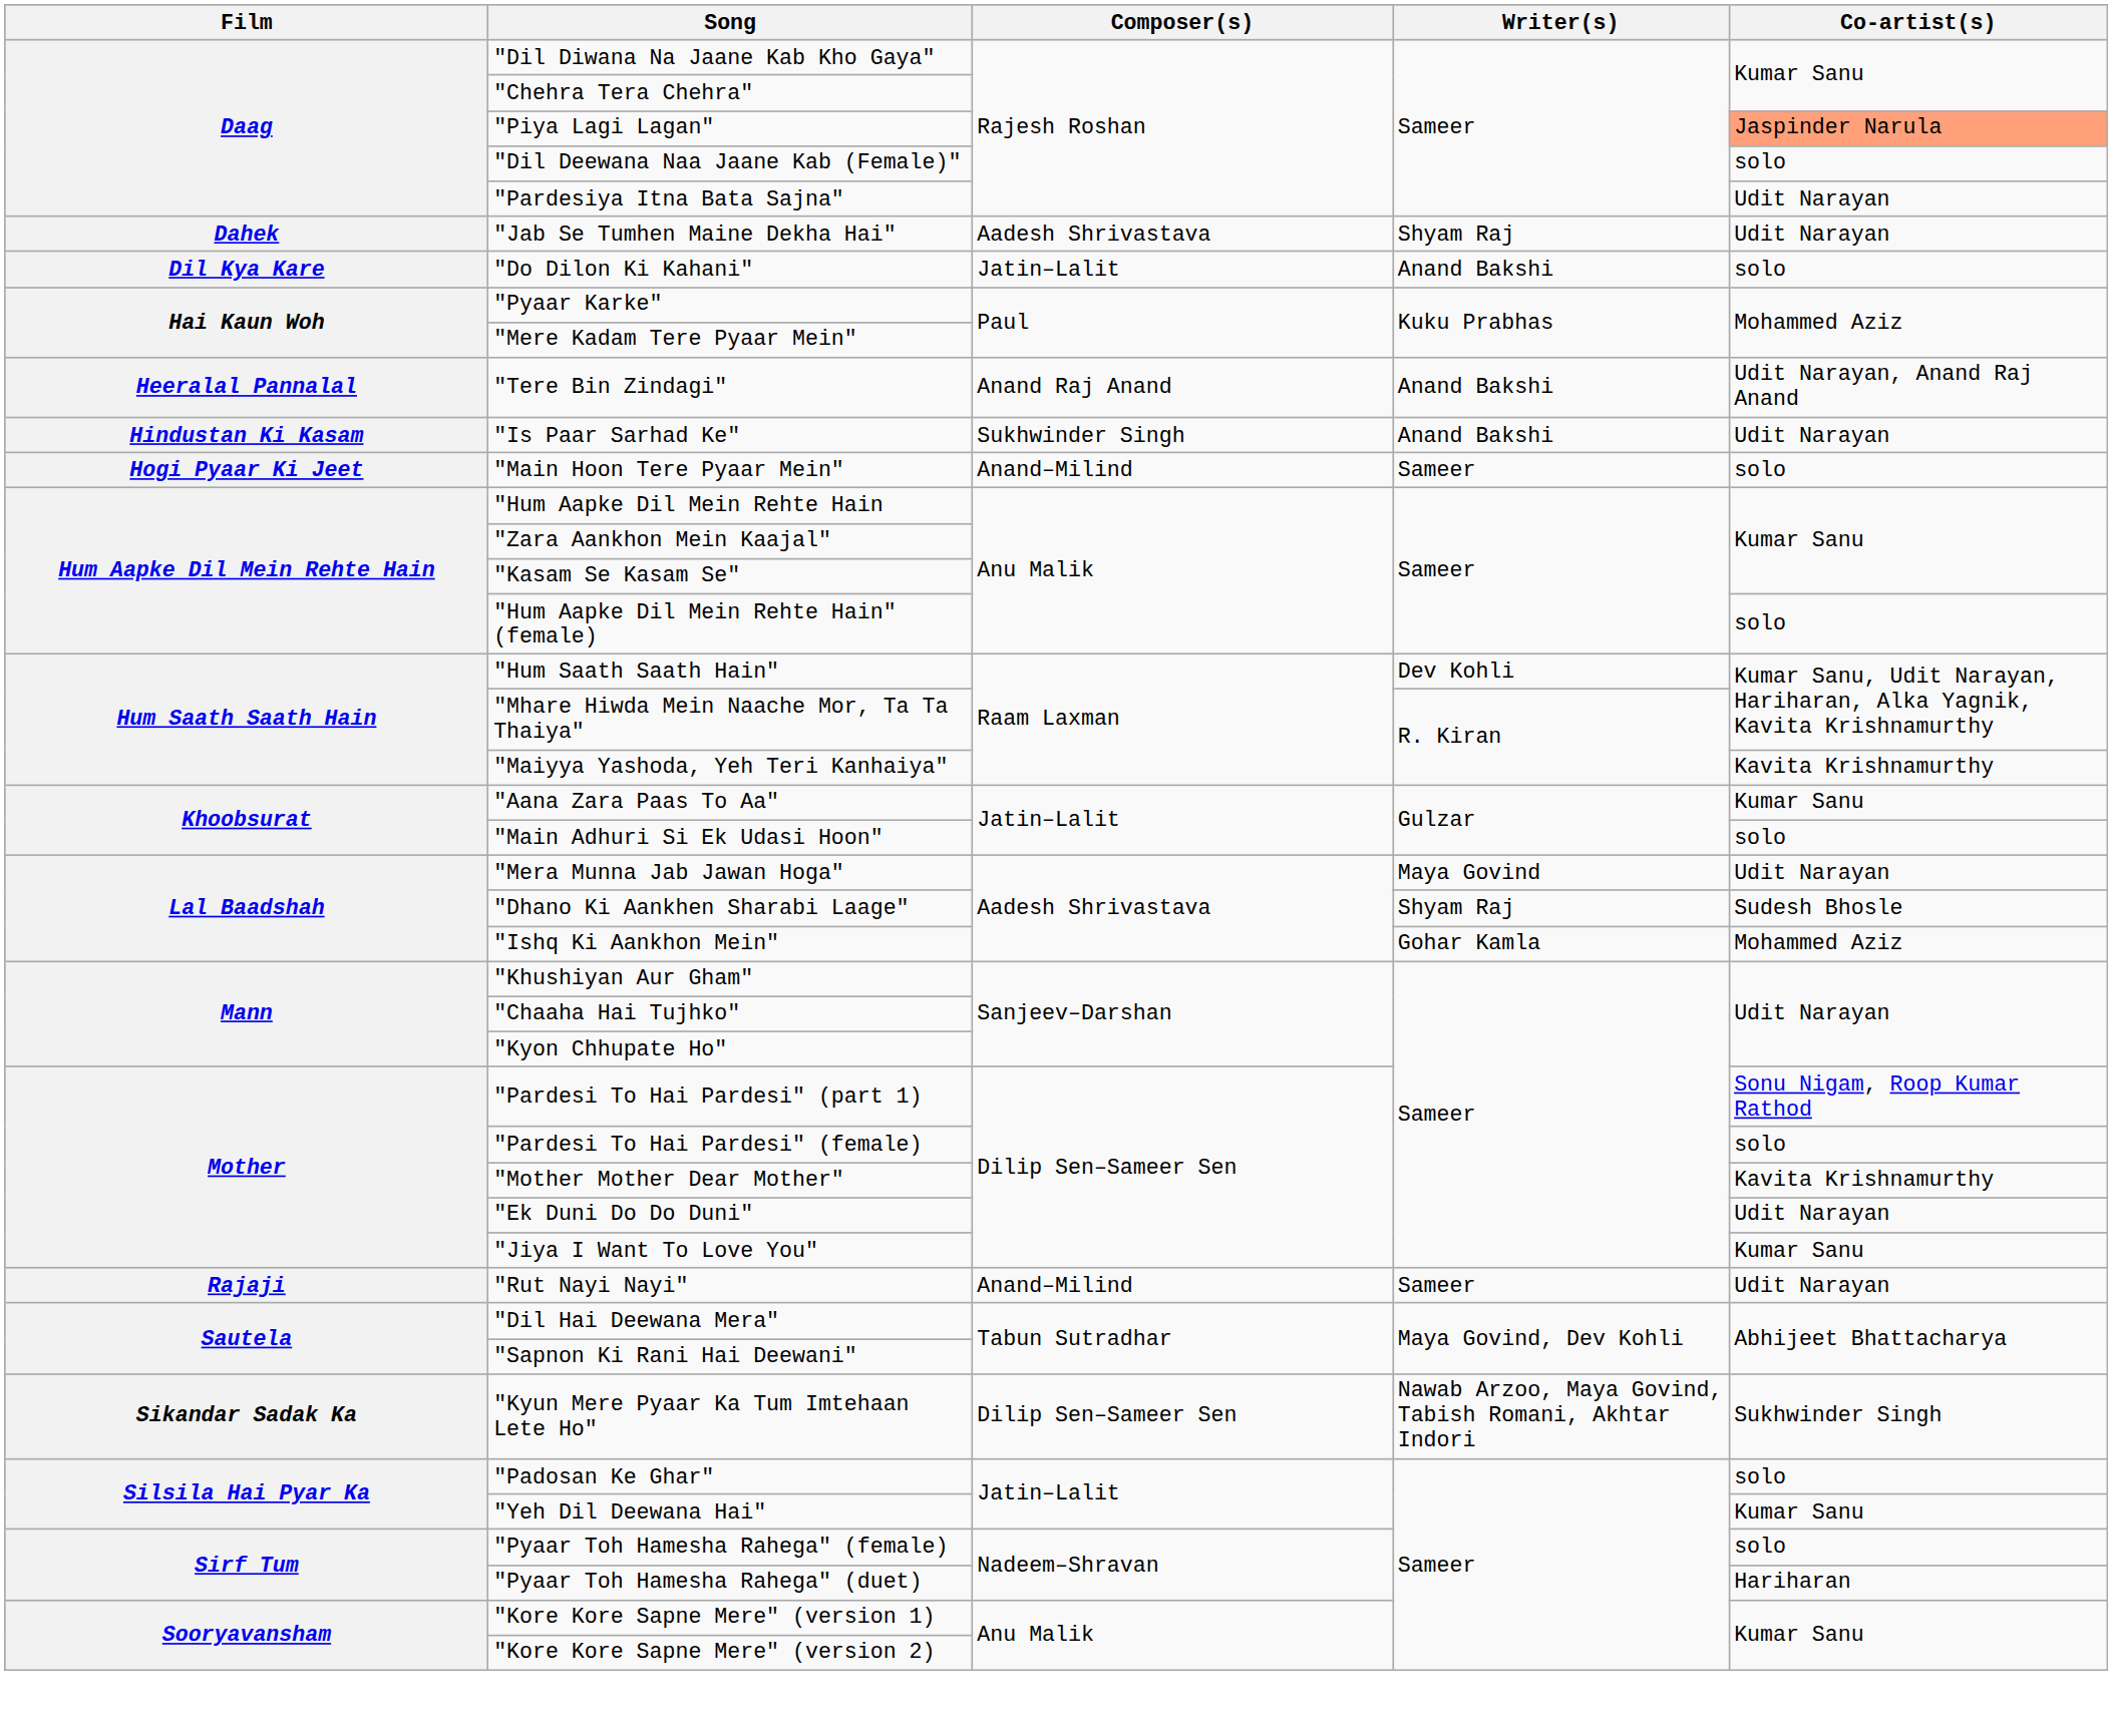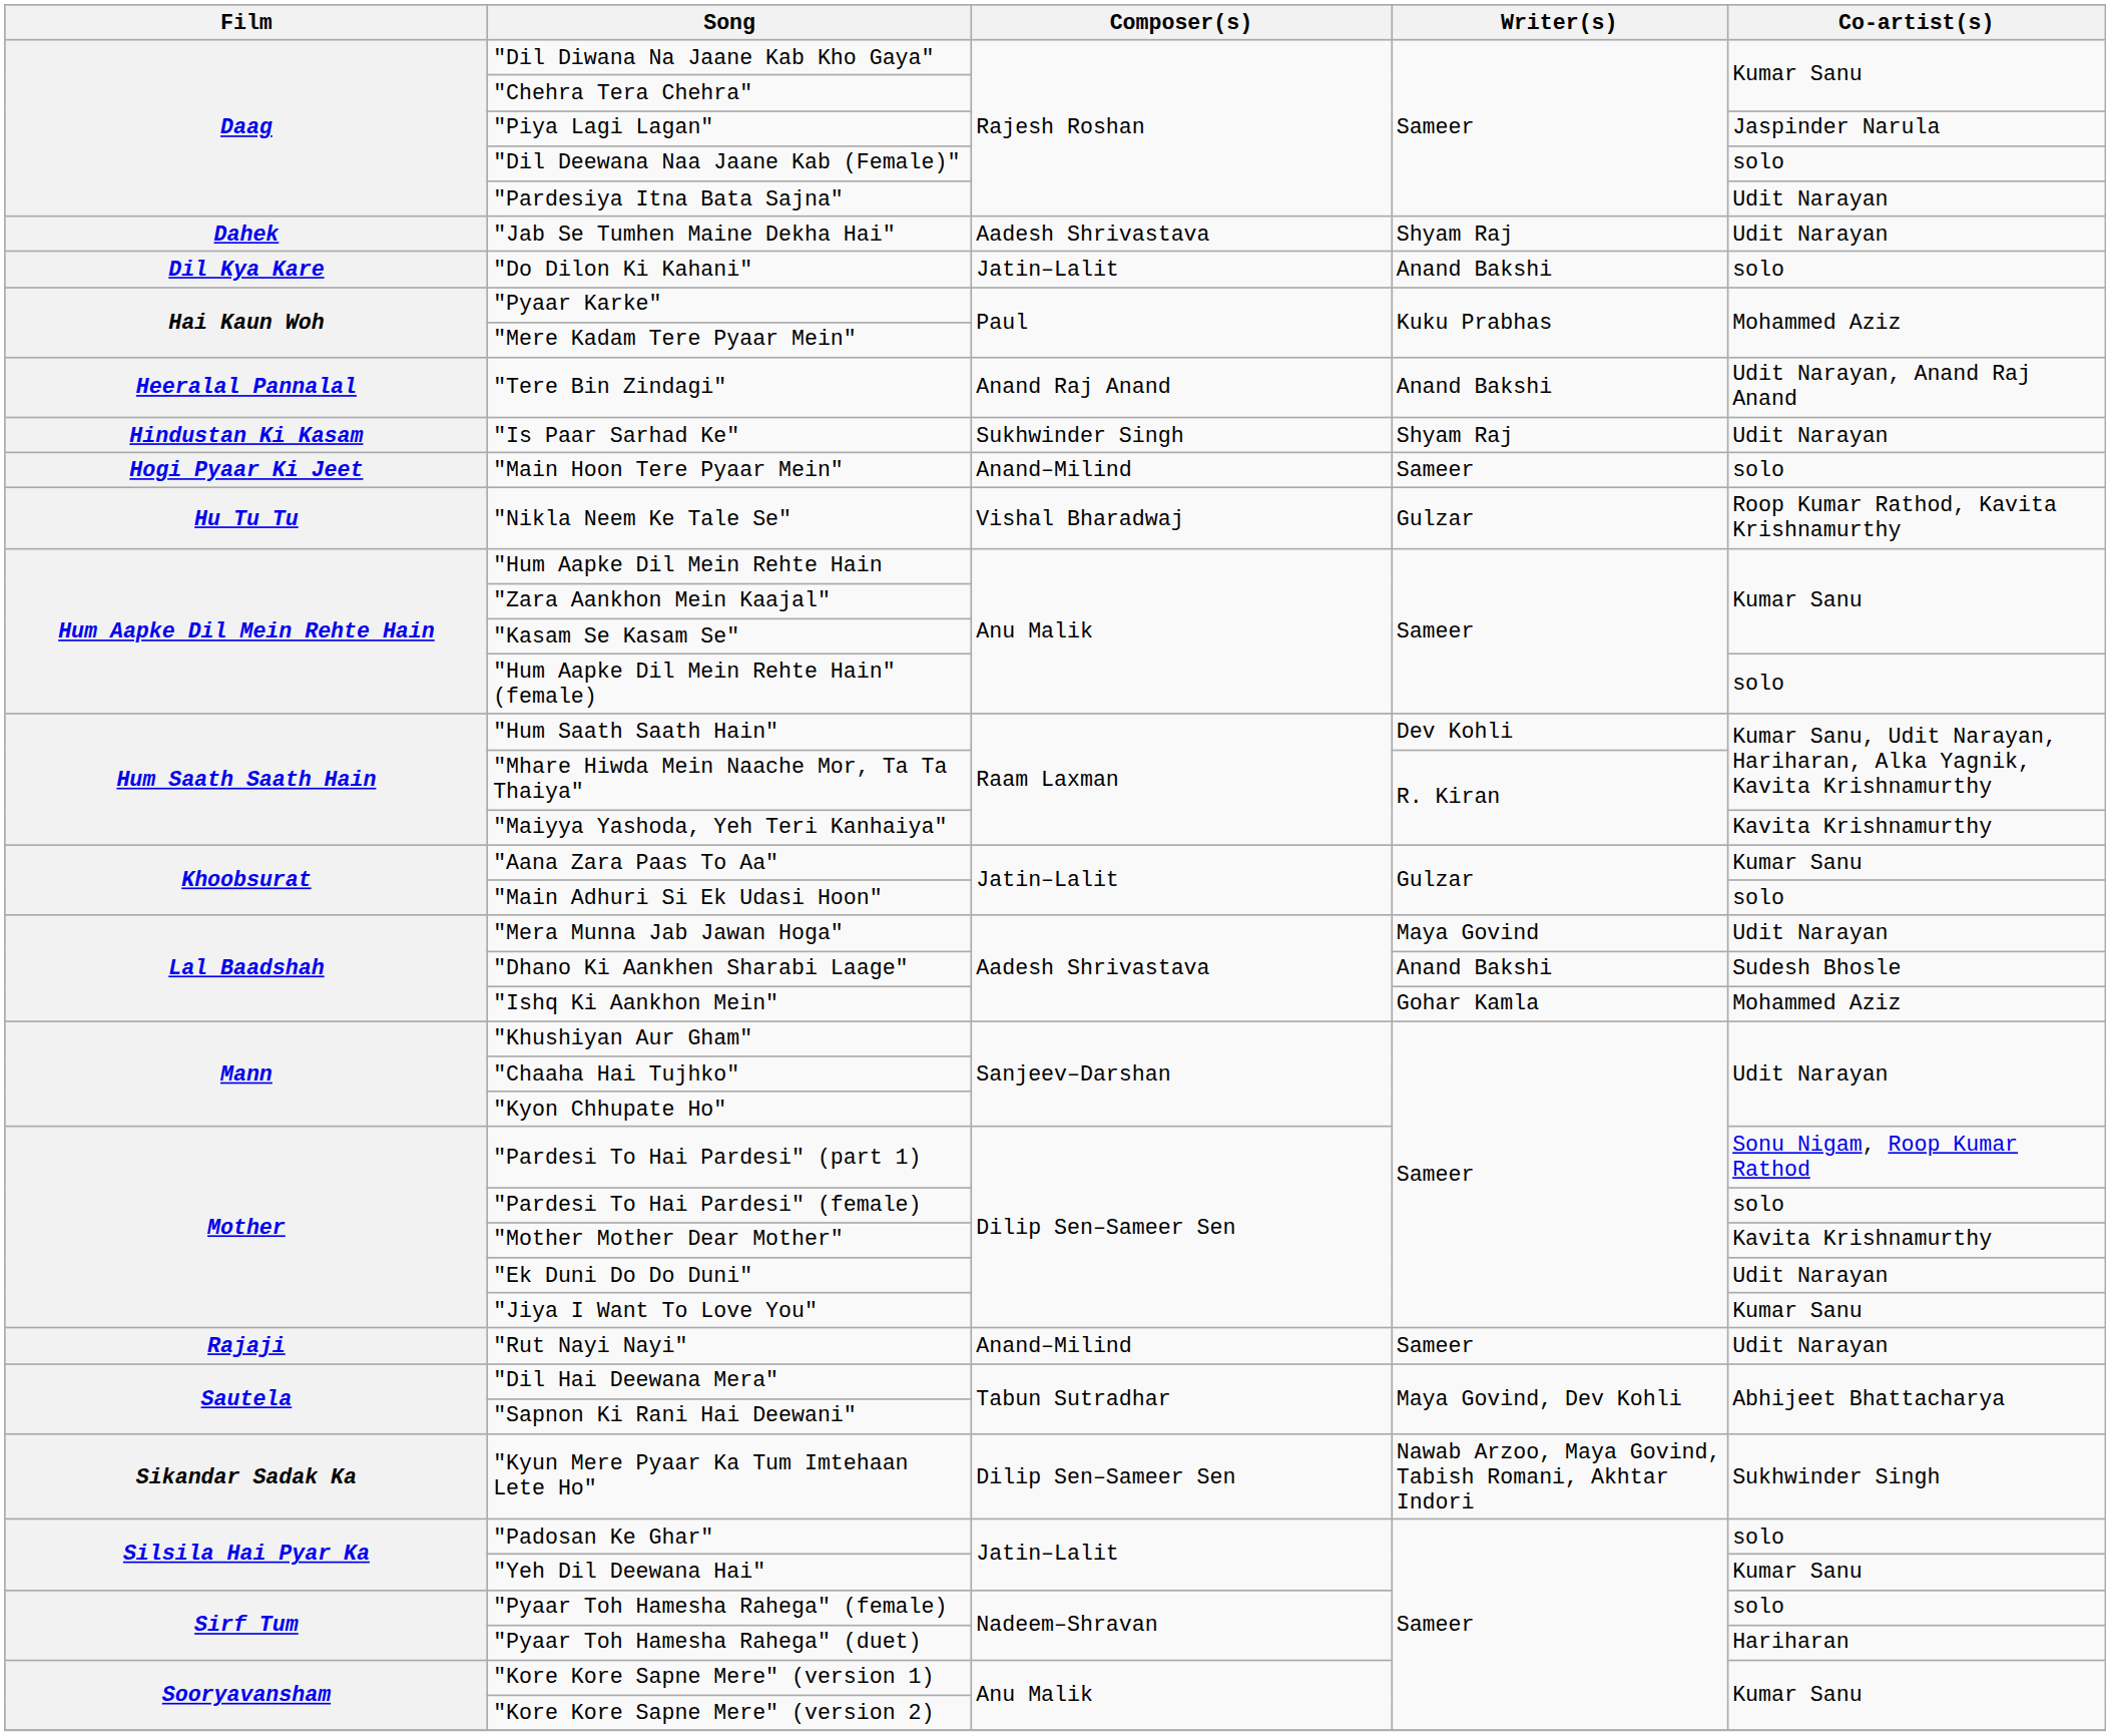 <table class="wikitable plainrowheaders" style="width:100%; textcolor:#000">
 <tr style="background:#b0e0e66;">
 <th scope="col" style="width:23%;"><strong>Film</strong></th>
 <th scope="col" style="width:23%;"><strong>Song</strong></th>
 <th scope="col" style="width:20%;"><strong>Composer(s)</strong></th>
 <th scope="col" style="width:16%;"><strong>Writer(s)</strong></th>
 <th scope="col" style="width:18%;"><strong>Co-artist(s)</strong></th>
 </tr>
 <tr>
 <th Rowspan=5><em><a href='#'>Daag</a></em></th>
 <td>"Dil Diwana Na Jaane Kab Kho Gaya"</td>
 <td rowspan=5>Rajesh Roshan</td>
 <td rowspan=5>Sameer</td>
 <td rowspan=2>Kumar Sanu</td>
 </tr>
 <tr>
 <td>"Chehra Tera Chehra"</td>
 </tr>
 <tr>
 <td>"Piya Lagi Lagan"</td>
-<td style="background: lightsalmon;">Jaspinder Narula</td>
+<td>Jaspinder Narula</td>
 </tr>
 <tr>
 <td>"Dil Deewana Naa Jaane Kab (Female)"</td>
 <td>solo</td>
 </tr>
 <tr>
 <td>"Pardesiya Itna Bata Sajna"</td>
 <td>Udit Narayan</td>
 </tr>
 <tr>
 <th><em><a href='#'>Dahek</a></em></th>
 <td>"Jab Se Tumhen Maine Dekha Hai"</td>
 <td>Aadesh Shrivastava</td>
 <td>Shyam Raj</td>
 <td>Udit Narayan</td>
 </tr>
 <tr>
 <th><em><a href='#'>Dil Kya Kare</a></em></th>
 <td>"Do Dilon Ki Kahani"</td>
 <td>Jatin–Lalit</td>
 <td>Anand Bakshi</td>
 <td>solo</td>
 </tr>
 <tr>
 <th rowspan=2><em>Hai Kaun Woh</em></th>
 <td>"Pyaar Karke"</td>
 <td rowspan=2>Paul</td>
 <td rowspan=2>Kuku Prabhas</td>
 <td rowspan=2>Mohammed Aziz</td>
 </tr>
 <tr>
 <td>"Mere Kadam Tere Pyaar Mein"</td>
 </tr>
 <tr>
 <th><em><a href='#'>Heeralal Pannalal</a></em></th>
 <td>"Tere Bin Zindagi"</td>
 <td>Anand Raj Anand</td>
 <td>Anand Bakshi</td>
 <td>Udit Narayan, Anand Raj Anand</td>
 </tr>
 <tr>
 <th><em><a href='#'>Hindustan Ki Kasam</a></em></th>
 <td>"Is Paar Sarhad Ke"</td>
 <td>Sukhwinder Singh</td>
-<td>Anand Bakshi</td>
+<td>Shyam Raj</td>
 <td>Udit Narayan</td>
 </tr>
 <tr>
 <th><em><a href='#'>Hogi Pyaar Ki Jeet</a></em></th>
 <td>"Main Hoon Tere Pyaar Mein"</td>
 <td>Anand–Milind</td>
 <td>Sameer</td>
 <td>solo</td>
+</tr>
+<tr>
+<th><em><a href='#'>Hu Tu Tu</a></em></th>
+<td>"Nikla Neem Ke Tale Se"</td>
+<td>Vishal Bharadwaj</td>
+<td>Gulzar</td>
+<td>Roop Kumar Rathod, Kavita Krishnamurthy</td>
 </tr>
 <tr>
 <th Rowspan=4><em><a href='#'>Hum Aapke Dil Mein Rehte Hain</a></em></th>
 <td>"Hum Aapke Dil Mein Rehte Hain</td>
 <td Rowspan=4>Anu Malik</td>
 <td Rowspan=4>Sameer</td>
 <td rowspan=3>Kumar Sanu</td>
 </tr>
 <tr>
 <td>"Zara Aankhon Mein Kaajal"</td>
 </tr>
 <tr>
 <td>"Kasam Se Kasam Se"</td>
 </tr>
 <tr>
 <td>"Hum Aapke Dil Mein Rehte Hain" (female)</td>
 <td>solo</td>
 </tr>
 <tr>
 <th Rowspan=3><em><a href='#'>Hum Saath Saath Hain</a></em></th>
 <td>"Hum Saath Saath Hain"</td>
 <td Rowspan=3>Raam Laxman</td>
 <td>Dev Kohli</td>
 <td rowspan=2>Kumar Sanu, Udit Narayan, Hariharan, Alka Yagnik, Kavita Krishnamurthy</td>
 </tr>
 <tr>
 <td>"Mhare Hiwda Mein Naache Mor, Ta Ta Thaiya"</td>
 <td rowspan=2>R. Kiran</td>
 </tr>
 <tr>
 <td>"Maiyya Yashoda, Yeh Teri Kanhaiya"</td>
 <td>Kavita Krishnamurthy</td>
 </tr>
 <tr>
 <th Rowspan=2><em><a href='#'>Khoobsurat</a></em></th>
 <td>"Aana Zara Paas To Aa"</td>
 <td rowspan=2>Jatin–Lalit</td>
 <td rowspan=2>Gulzar</td>
 <td>Kumar Sanu</td>
 </tr>
 <tr>
 <td>"Main Adhuri Si Ek Udasi Hoon"</td>
 <td>solo</td>
 </tr>
 <tr>
 <th Rowspan=3><em><a href='#'>Lal Baadshah</a></em></th>
 <td>"Mera Munna Jab Jawan Hoga"</td>
 <td rowspan=3>Aadesh Shrivastava</td>
 <td>Maya Govind</td>
 <td>Udit Narayan</td>
 </tr>
 <tr>
 <td>"Dhano Ki Aankhen Sharabi Laage"</td>
-<td>Shyam Raj</td>
+<td>Anand Bakshi</td>
 <td>Sudesh Bhosle</td>
 </tr>
 <tr>
 <td>"Ishq Ki Aankhon Mein"</td>
 <td>Gohar Kamla</td>
 <td>Mohammed Aziz</td>
 </tr>
 <tr>
 <th Rowspan=3><em><a href='#'>Mann</a></em></th>
 <td>"Khushiyan Aur Gham"</td>
 <td rowspan=3>Sanjeev–Darshan</td>
 <td Rowspan=8>Sameer</td>
 <td Rowspan=3>Udit Narayan</td>
 </tr>
 <tr>
 <td>"Chaaha Hai Tujhko"</td>
 </tr>
 <tr>
 <td>"Kyon Chhupate Ho"</td>
 </tr>
 <tr>
 <th Rowspan=5><em><a href='#'>Mother</a></em></th>
 <td>"Pardesi To Hai Pardesi" (part 1)</td>
 <td rowspan=5>Dilip Sen–Sameer Sen</td>
 <td><a href='#'>Sonu Nigam</a>, <a href='#'>Roop Kumar Rathod</a></td>
 </tr>
 <tr>
 <td>"Pardesi To Hai Pardesi" (female)</td>
 <td>solo</td>
 </tr>
 <tr>
 <td>"Mother Mother Dear Mother"</td>
 <td>Kavita Krishnamurthy</td>
 </tr>
 <tr>
 <td>"Ek Duni Do Do Duni"</td>
 <td>Udit Narayan</td>
 </tr>
 <tr>
 <td>"Jiya I Want To Love You"</td>
 <td>Kumar Sanu</td>
 </tr>
 <tr>
 <th><em><a href='#'>Rajaji</a></em></th>
 <td>"Rut Nayi Nayi"</td>
 <td>Anand–Milind</td>
 <td>Sameer</td>
 <td>Udit Narayan</td>
 </tr>
 <tr>
 <th Rowspan=2><em><a href='#'>Sautela</a></em></th>
 <td>"Dil Hai Deewana Mera"</td>
 <td rowspan=2>Tabun Sutradhar</td>
 <td rowspan=2>Maya Govind, Dev Kohli</td>
 <td rowspan=2>Abhijeet Bhattacharya</td>
 </tr>
 <tr>
 <td>"Sapnon Ki Rani Hai Deewani"</td>
 </tr>
 <tr>
 <th><em>Sikandar Sadak Ka</em></th>
 <td>"Kyun Mere Pyaar Ka Tum Imtehaan Lete Ho"</td>
 <td>Dilip Sen–Sameer Sen</td>
 <td>Nawab Arzoo, Maya Govind, Tabish Romani, Akhtar Indori</td>
 <td>Sukhwinder Singh</td>
 </tr>
 <tr>
 <th Rowspan=2><em><a href='#'>Silsila Hai Pyar Ka</a></em></th>
 <td>"Padosan Ke Ghar"</td>
 <td rowspan=2>Jatin–Lalit</td>
 <td rowspan=6>Sameer</td>
 <td>solo</td>
 </tr>
 <tr>
 <td>"Yeh Dil Deewana Hai"</td>
 <td>Kumar Sanu</td>
 </tr>
 <tr>
 <th Rowspan=2><em><a href='#'>Sirf Tum</a></em></th>
 <td>"Pyaar Toh Hamesha Rahega" (female)</td>
 <td rowspan=2>Nadeem–Shravan</td>
 <td>solo</td>
 </tr>
 <tr>
 <td>"Pyaar Toh Hamesha Rahega" (duet)</td>
 <td>Hariharan</td>
 </tr>
 <tr>
 <th Rowspan=2><em><a href='#'>Sooryavansham</a></em></th>
 <td>"Kore Kore Sapne Mere" (version 1)</td>
 <td rowspan=2>Anu Malik</td>
 <td Rowspan=2>Kumar Sanu</td>
 </tr>
 <tr>
 <td>"Kore Kore Sapne Mere" (version 2)</td>
 </tr>
 <tr>
 </tr>
 </table>
